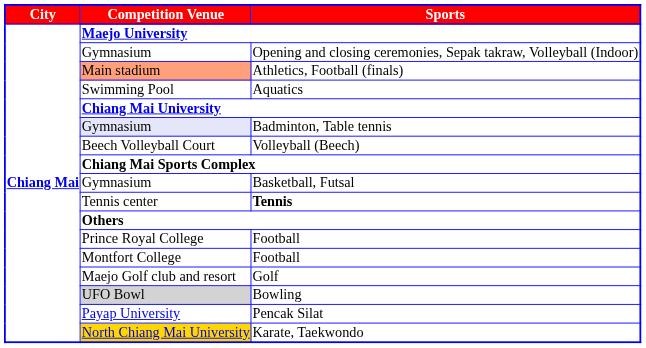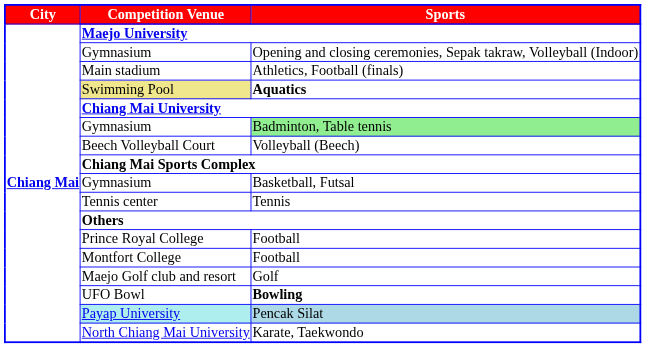 <table border=1 style="border-collapse:collapse; text-align:left; font-size:100%; border:2px solid blue;">
 <tr style="text-align:center; color:white; font-weight:bold; background:red;">
 <td>City</td>
 <td>Competition Venue</td>
 <td>Sports</td>
 </tr>
 <tr>
 <th rowspan=18><a href='#'>Chiang Mai</a></th>
 </tr>
 <tr>
 <th colspan=2><a href='#'>Maejo University</a></th>
 </tr>
 <tr>
 <td>Gymnasium</td>
 <td>Opening and closing ceremonies, Sepak takraw, Volleyball (Indoor)</td>
 </tr>
 <tr>
-<td style="background: lightsalmon;">Main stadium</td>
+<td>Main stadium</td>
 <td>Athletics, Football (finals)</td>
 </tr>
 <tr>
-<td>Swimming Pool</td>
-<td>Aquatics</td>
+<td style="background: khaki;">Swimming Pool</td>
+<td><strong>Aquatics</strong></td>
 </tr>
 <tr>
 <th colspan=2><a href='#'>Chiang Mai University</a></th>
 </tr>
 <tr>
-<td style="background: lavender;">Gymnasium</td>
-<td>Badminton, Table tennis</td>
+<td>Gymnasium</td>
+<td style="background: lightgreen;">Badminton, Table tennis</td>
 </tr>
 <tr>
 <td>Beech Volleyball Court</td>
 <td>Volleyball (Beech)</td>
 </tr>
 <tr>
 <th colspan=2>Chiang Mai Sports Complex</th>
 </tr>
 <tr>
 <td>Gymnasium</td>
 <td>Basketball, Futsal</td>
 </tr>
 <tr>
 <td>Tennis center</td>
-<td><strong>Tennis</strong></td>
+<td>Tennis</td>
 </tr>
 <tr>
 <th colspan=2>Others</th>
 </tr>
 <tr>
 <td>Prince Royal College</td>
 <td>Football</td>
 </tr>
 <tr>
 <td>Montfort College</td>
 <td>Football</td>
 </tr>
 <tr>
 <td>Maejo Golf club and resort</td>
 <td>Golf</td>
 </tr>
 <tr>
-<td style="background: lightgrey;">UFO Bowl</td>
-<td>Bowling</td>
+<td>UFO Bowl</td>
+<td><strong>Bowling</strong></td>
 </tr>
 <tr>
-<td><a href='#'>Payap University</a></td>
-<td>Pencak Silat</td>
+<td style="background: paleturquoise;"><a href='#'>Payap University</a></td>
+<td style="background: lightblue;">Pencak Silat</td>
 </tr>
 <tr>
-<td style="background: gold;"><a href='#'>North Chiang Mai University</a></td>
+<td><a href='#'>North Chiang Mai University</a></td>
 <td>Karate, Taekwondo</td>
 </tr>
 </table>
